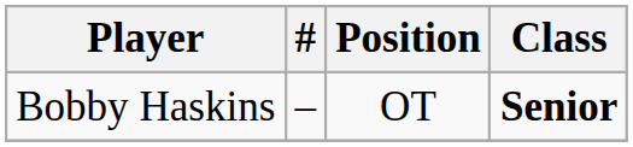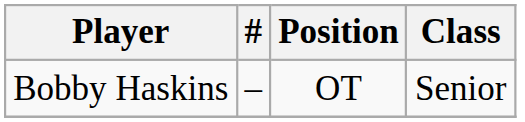 <table class="wikitable sortable" style="text-align:center">
 <tr>
 <th>Player</th>
 <th>#</th>
 <th>Position</th>
 <th>Class</th>
 </tr>
 <tr>
 <td>Bobby Haskins</td>
 <td>–</td>
 <td>OT</td>
-<td><strong> Senior</strong></td>
+<td> Senior</td>
 </tr>
 <tr>
 </tr>
 </table>
